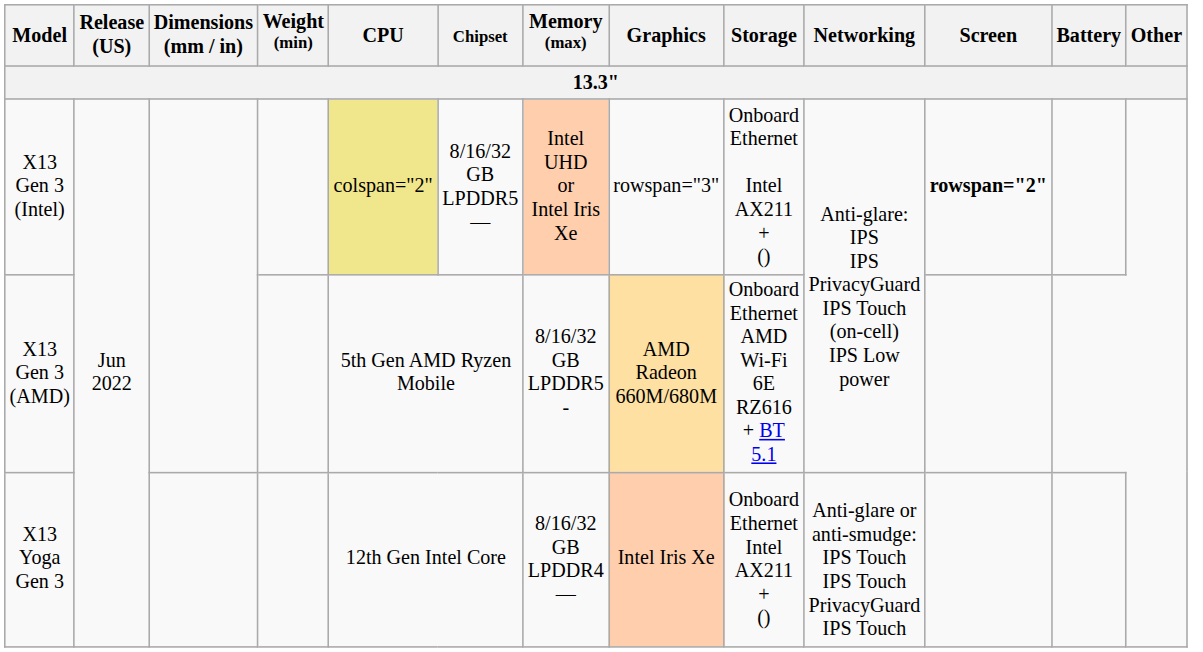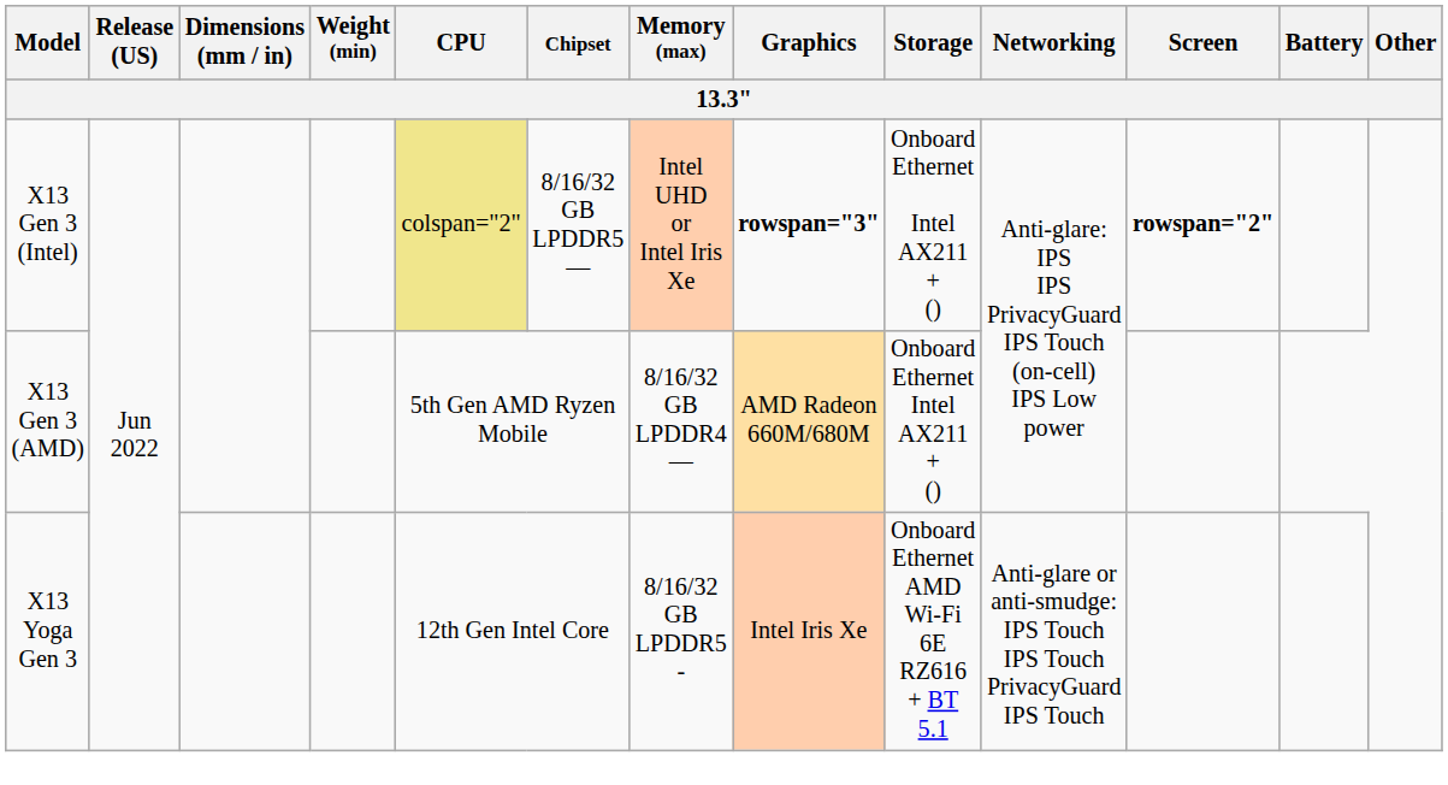 <table class="wikitable" style="font-size: 80%; text-align: center; min-width: 80%;">
 <tr>
 <th>Model</th>
 <th>Release (US)</th>
 <th>Dimensions (mm / in)</th>
 <th>Weight <sup>(min)</sup></th>
 <th>CPU</th>
 <th><small>Chipset</small></th>
 <th>Memory <sup>(max)</sup></th>
 <th>Graphics</th>
 <th>Storage</th>
 <th>Networking</th>
 <th>Screen</th>
 <th>Battery</th>
 <th>Other</th>
 </tr>
 <tr>
 <th colspan="13">13.3"</th>
 </tr>
 <tr>
 <td>X13 Gen 3 (Intel) </td>
 <td rowspan="3">Jun 2022</td>
 <td rowspan="2"></td>
 <td></td>
 <td style="background: khaki;">colspan="2" </td>
 <td style="background:">8/16/32 GB LPDDR5 — <br></td>
 <td style="background:#ffcead;">Intel UHD<br>or<br>Intel Iris Xe</td>
-<td>rowspan="3" </td>
+<td><strong>rowspan="3" </strong></td>
 <td> Onboard Ethernet<br><br>Intel  AX211 <br>+ <br> ()<br><small></small></td>
 <td rowspan="2" style="background:"><br>Anti-glare: <br>  IPS<br> IPS PrivacyGuard<br> IPS Touch (on-cell)<br> IPS Low power</td>
 <td><strong>rowspan="2" </strong></td>
 <td></td>
 </tr>
 <tr>
 <td>X13 Gen 3 (AMD) </td>
 <td></td>
 <td colspan="2" style="background:">5th Gen AMD Ryzen Mobile</td>
-<td style="background:">8/16/32 GB LPDDR5 - <br></td>
+<td style="background:">8/16/32 GB LPDDR4 — <br></td>
 <td style="background:#fee0a3;">AMD Radeon 660M/680M</td>
-<td> Onboard Ethernet<br>AMD Wi-Fi 6E RZ616 + <a href='#'>BT 5.1</a><br><small></small></td>
+<td> Onboard Ethernet<br>Intel  AX211 <br>+ <br> ()<br><small></small></td>
 <td></td>
 </tr>
 <tr>
 <td>X13 Yoga Gen 3 </td>
 <td rowspan="2"></td>
 <td></td>
 <td colspan="2" style="background:">12th Gen Intel Core</td>
-<td style="background:">8/16/32 GB LPDDR4 — <br></td>
+<td style="background:">8/16/32 GB LPDDR5 - <br></td>
 <td style="background:#ffcead;">Intel Iris Xe</td>
-<td> Onboard Ethernet<br>Intel  AX211 <br>+ <br> ()<br><small></small></td>
+<td> Onboard Ethernet<br>AMD Wi-Fi 6E RZ616 + <a href='#'>BT 5.1</a><br><small></small></td>
 <td style="background:"><br>Anti-glare or anti-smudge: <br>  IPS Touch<br> IPS Touch PrivacyGuard<br> IPS Touch</td>
 <td></td>
 <td></td>
 </tr>
 </table>
